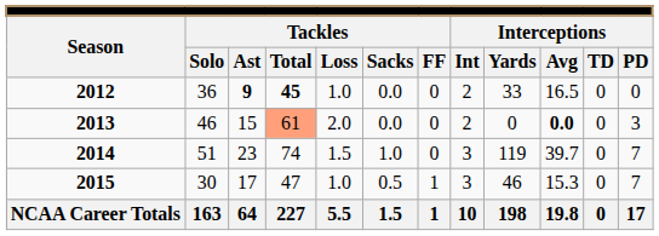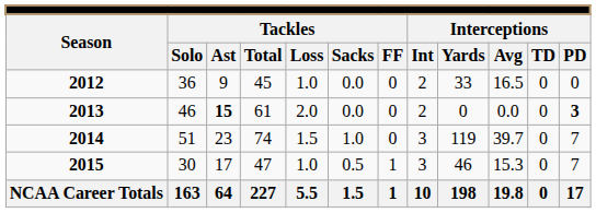 <table class=wikitable style="text-align:center;">
 <tr>
 <td ! colspan=15 style="background: #000000; border: 2px solid #B1946C; color:#B1946C;"></td>
 </tr>
 <tr>
 <th rowspan=2>Season</th>
 <th colspan=6>Tackles</th>
 <th colspan=5>Interceptions</th>
 </tr>
 <tr>
 <th>Solo</th>
 <th>Ast</th>
 <th>Total</th>
 <th>Loss</th>
 <th>Sacks</th>
 <th>FF</th>
 <th>Int</th>
 <th>Yards</th>
 <th>Avg</th>
 <th>TD</th>
 <th>PD</th>
 </tr>
 <tr>
 <td><strong>2012</strong></td>
 <td>36</td>
-<td><strong>9</strong></td>
-<td><strong>45</strong></td>
+<td>9</td>
+<td>45</td>
 <td>1.0</td>
 <td>0.0</td>
 <td>0</td>
 <td>2</td>
 <td>33</td>
 <td>16.5</td>
 <td>0</td>
 <td>0</td>
 </tr>
 <tr>
 <td><strong>2013</strong></td>
 <td>46</td>
-<td>15</td>
-<td style="background: lightsalmon;">61</td>
+<td><strong>15</strong></td>
+<td>61</td>
 <td>2.0</td>
 <td>0.0</td>
 <td>0</td>
 <td>2</td>
 <td>0</td>
-<td><strong>0.0</strong></td>
+<td>0.0</td>
 <td>0</td>
-<td>3</td>
+<td><strong>3</strong></td>
 </tr>
 <tr>
 <td><strong>2014</strong></td>
 <td>51</td>
 <td>23</td>
 <td>74</td>
 <td>1.5</td>
 <td>1.0</td>
 <td>0</td>
 <td>3</td>
 <td>119</td>
 <td>39.7</td>
 <td>0</td>
 <td>7</td>
 </tr>
 <tr>
 <td><strong>2015</strong></td>
 <td>30</td>
 <td>17</td>
 <td>47</td>
 <td>1.0</td>
 <td>0.5</td>
 <td>1</td>
 <td>3</td>
 <td>46</td>
 <td>15.3</td>
 <td>0</td>
 <td>7</td>
 </tr>
 <tr>
 <th>NCAA Career Totals</th>
 <th>163</th>
 <th>64</th>
 <th>227</th>
 <th>5.5</th>
 <th>1.5</th>
 <th>1</th>
 <th>10</th>
 <th>198</th>
 <th>19.8</th>
 <th>0</th>
 <th>17</th>
 </tr>
 </table>
